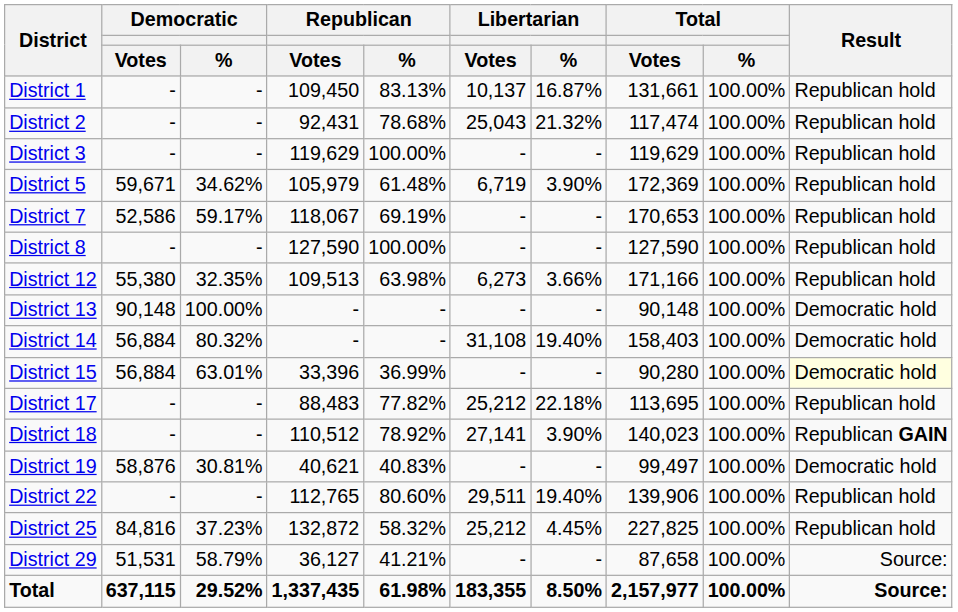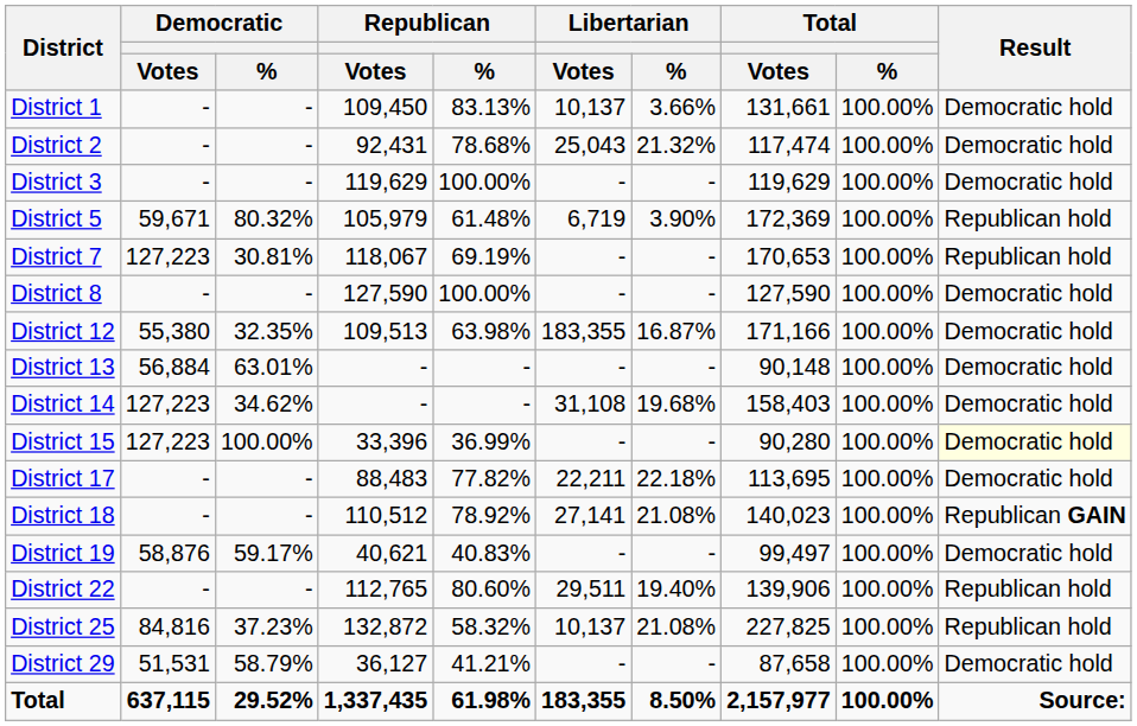 <table class="wikitable plainrowheaders sortable" style="font-size:100%; text-align:right;">
 <tr>
 <th rowspan="3">District</th>
 <th colspan="2">Democratic</th>
 <th colspan="2">Republican</th>
 <th colspan="2">Libertarian</th>
 <th colspan="2">Total</th>
 <th rowspan="3">Result</th>
 </tr>
 <tr>
 <th colspan="2" style="background:"></th>
 <th colspan="2" style="background:"></th>
 <th colspan="2" style="background:"></th>
 <th colspan="2"></th>
 </tr>
 <tr>
 <th data-sort-type="number" scope="col">Votes</th>
 <th data-sort-type="number" scope="col">%</th>
 <th data-sort-type="number" scope="col">Votes</th>
 <th data-sort-type="number" scope="col">%</th>
 <th data-sort-type="number" scope="col">Votes</th>
 <th data-sort-type="number" scope="col">%</th>
 <th data-sort-type="number" scope="col">Votes</th>
 <th data-sort-type="number" scope="col">%</th>
 </tr>
 <tr>
 <td align="left"><a href='#'>District 1</a></td>
 <td>-</td>
 <td>-</td>
 <td>109,450</td>
 <td>83.13%</td>
 <td>10,137</td>
-<td>16.87%</td>
+<td>3.66%</td>
 <td>131,661</td>
 <td>100.00%</td>
-<td align="left">Republican hold</td>
+<td align="left">Democratic hold</td>
 </tr>
 <tr>
 <td align="left"><a href='#'>District 2</a></td>
 <td>-</td>
 <td>-</td>
 <td>92,431</td>
 <td>78.68%</td>
 <td>25,043</td>
 <td>21.32%</td>
 <td>117,474</td>
 <td>100.00%</td>
-<td align="left">Republican hold</td>
+<td align="left">Democratic hold</td>
 </tr>
 <tr>
 <td align="left"><a href='#'>District 3</a></td>
 <td>-</td>
 <td>-</td>
 <td>119,629</td>
 <td>100.00%</td>
 <td>-</td>
 <td>-</td>
 <td>119,629</td>
 <td>100.00%</td>
-<td align="left">Republican hold</td>
+<td align="left">Democratic hold</td>
 </tr>
 <tr>
 <td align="left"><a href='#'>District 5</a></td>
 <td>59,671</td>
-<td>34.62%</td>
+<td>80.32%</td>
 <td>105,979</td>
 <td>61.48%</td>
 <td>6,719</td>
 <td>3.90%</td>
 <td>172,369</td>
 <td>100.00%</td>
 <td align="left">Republican hold</td>
 </tr>
 <tr>
 <td align="left"><a href='#'>District 7</a></td>
-<td>52,586</td>
-<td>59.17%</td>
+<td>127,223</td>
+<td>30.81%</td>
 <td>118,067</td>
 <td>69.19%</td>
 <td>-</td>
 <td>-</td>
 <td>170,653</td>
 <td>100.00%</td>
 <td align="left">Republican hold</td>
 </tr>
 <tr>
 <td align="left"><a href='#'>District 8</a></td>
 <td>-</td>
 <td>-</td>
 <td>127,590</td>
 <td>100.00%</td>
 <td>-</td>
 <td>-</td>
 <td>127,590</td>
 <td>100.00%</td>
-<td align="left">Republican hold</td>
+<td align="left">Democratic hold</td>
 </tr>
 <tr>
 <td align="left"><a href='#'>District 12</a></td>
 <td>55,380</td>
 <td>32.35%</td>
 <td>109,513</td>
 <td>63.98%</td>
-<td>6,273</td>
-<td>3.66%</td>
+<td>183,355</td>
+<td>16.87%</td>
 <td>171,166</td>
 <td>100.00%</td>
-<td align="left">Republican hold</td>
+<td align="left">Democratic hold</td>
 </tr>
 <tr>
 <td align="left"><a href='#'>District 13</a></td>
-<td>90,148</td>
-<td>100.00%</td>
+<td>56,884</td>
+<td>63.01%</td>
 <td>-</td>
 <td>-</td>
 <td>-</td>
 <td>-</td>
 <td>90,148</td>
 <td>100.00%</td>
 <td align="left">Democratic hold</td>
 </tr>
 <tr>
 <td align="left"><a href='#'>District 14</a></td>
-<td>56,884</td>
-<td>80.32%</td>
+<td>127,223</td>
+<td>34.62%</td>
 <td>-</td>
 <td>-</td>
 <td>31,108</td>
-<td>19.40%</td>
+<td>19.68%</td>
 <td>158,403</td>
 <td>100.00%</td>
 <td align="left">Democratic hold</td>
 </tr>
 <tr>
 <td align="left"><a href='#'>District 15</a></td>
-<td>56,884</td>
-<td>63.01%</td>
+<td>127,223</td>
+<td>100.00%</td>
 <td>33,396</td>
 <td>36.99%</td>
 <td>-</td>
 <td>-</td>
 <td>90,280</td>
 <td>100.00%</td>
 <td align="left" style="background: lightyellow;">Democratic hold</td>
 </tr>
 <tr>
 <td align="left"><a href='#'>District 17</a></td>
 <td>-</td>
 <td>-</td>
 <td>88,483</td>
 <td>77.82%</td>
-<td>25,212</td>
+<td>22,211</td>
 <td>22.18%</td>
 <td>113,695</td>
 <td>100.00%</td>
-<td align="left">Republican hold</td>
+<td align="left">Democratic hold</td>
 </tr>
 <tr>
 <td align="left"><a href='#'>District 18</a></td>
 <td>-</td>
 <td>-</td>
 <td>110,512</td>
 <td>78.92%</td>
 <td>27,141</td>
-<td>3.90%</td>
+<td>21.08%</td>
 <td>140,023</td>
 <td>100.00%</td>
 <td align="left">Republican <strong>GAIN</strong></td>
 </tr>
 <tr>
 <td align="left"><a href='#'>District 19</a></td>
 <td>58,876</td>
-<td>30.81%</td>
+<td>59.17%</td>
 <td>40,621</td>
 <td>40.83%</td>
 <td>-</td>
 <td>-</td>
 <td>99,497</td>
 <td>100.00%</td>
 <td align="left">Democratic hold</td>
 </tr>
 <tr>
 <td align="left"><a href='#'>District 22</a></td>
 <td>-</td>
 <td>-</td>
 <td>112,765</td>
 <td>80.60%</td>
 <td>29,511</td>
 <td>19.40%</td>
 <td>139,906</td>
 <td>100.00%</td>
 <td align="left">Republican hold</td>
 </tr>
 <tr>
 <td align="left"><a href='#'>District 25</a></td>
 <td>84,816</td>
 <td>37.23%</td>
 <td>132,872</td>
 <td>58.32%</td>
-<td>25,212</td>
-<td>4.45%</td>
+<td>10,137</td>
+<td>21.08%</td>
 <td>227,825</td>
 <td>100.00%</td>
 <td align="left">Republican hold</td>
 </tr>
 <tr>
 <td align="left"><a href='#'>District 29</a></td>
 <td>51,531</td>
 <td>58.79%</td>
 <td>36,127</td>
 <td>41.21%</td>
 <td>-</td>
 <td>-</td>
 <td>87,658</td>
 <td>100.00%</td>
-<td>Source:</td>
+<td align="left">Democratic hold</td>
 </tr>
 <tr class="sortbottom" style="font-weight:bold">
 <td align="left">Total</td>
 <td>637,115</td>
 <td>29.52%</td>
 <td>1,337,435</td>
 <td>61.98%</td>
 <td>183,355</td>
 <td>8.50%</td>
 <td>2,157,977</td>
 <td>100.00%</td>
 <td>Source:</td>
 </tr>
 </table>
